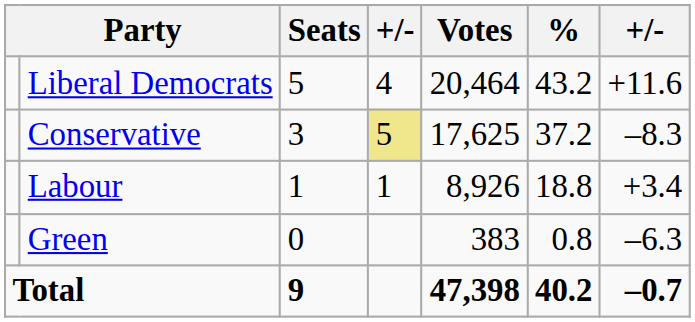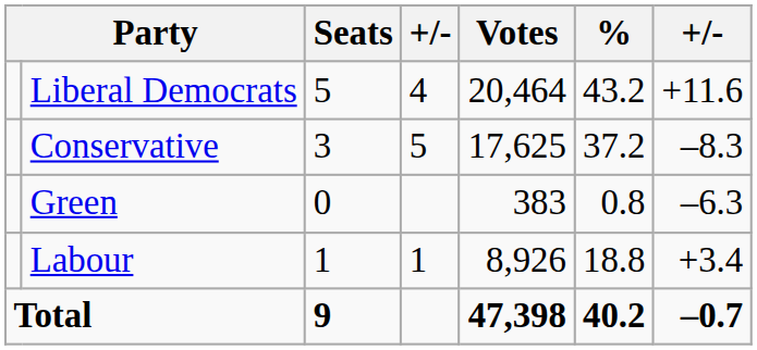 <table class="wikitable sortable">
 <tr>
 <th colspan="2">Party</th>
 <th>Seats</th>
 <th>+/-</th>
 <th>Votes</th>
 <th>%</th>
 <th>+/-</th>
 </tr>
 <tr>
 <td style="background-color: "></td>
 <td><a href='#'>Liberal Democrats</a></td>
 <td>5</td>
 <td> 4</td>
 <td style="text-align:right;">20,464</td>
 <td style="text-align:right;">43.2</td>
 <td style="text-align:right;">+11.6</td>
 </tr>
 <tr>
 <td style="background-color: "></td>
 <td><a href='#'>Conservative</a></td>
 <td>3</td>
-<td style="background: khaki;"> 5</td>
+<td> 5</td>
 <td style="text-align:right;">17,625</td>
 <td style="text-align:right;">37.2</td>
 <td style="text-align:right;">–8.3</td>
+</tr>
+<tr>
+<td style="background-color: "></td>
+<td><a href='#'>Green</a></td>
+<td>0</td>
+<td></td>
+<td style="text-align:right;">383</td>
+<td style="text-align:right;">0.8</td>
+<td style="text-align:right;">–6.3</td>
 </tr>
 <tr>
 <td style="background-color: "></td>
 <td><a href='#'>Labour</a></td>
 <td>1</td>
 <td> 1</td>
 <td style="text-align:right;">8,926</td>
 <td style="text-align:right;">18.8</td>
 <td style="text-align:right;">+3.4</td>
 </tr>
 <tr>
-<td style="background-color: "></td>
-<td><a href='#'>Green</a></td>
-<td>0</td>
-<td></td>
-<td style="text-align:right;">383</td>
-<td style="text-align:right;">0.8</td>
-<td style="text-align:right;">–6.3</td>
-</tr>
-<tr>
 <td colspan="2"><strong>Total</strong></td>
 <td><strong>9</strong></td>
 <td></td>
 <td style="text-align:right;"><strong>47,398</strong></td>
 <td style="text-align:right;"><strong>40.2</strong></td>
 <td style="text-align:right;"><strong>–0.7</strong></td>
 </tr>
 </table>
